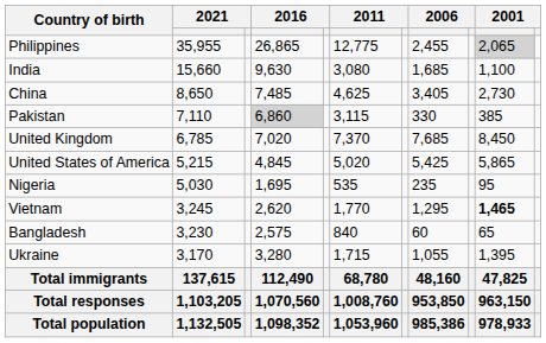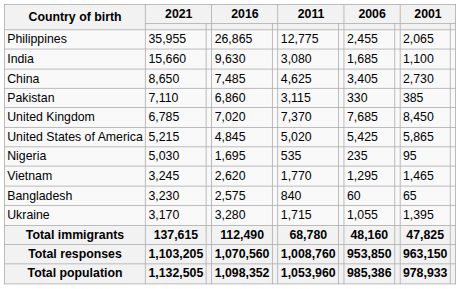 <table class="wikitable sortable">
 <tr>
 <th rowspan="2">Country of birth</th>
 <th colspan="2">2021</th>
 <th colspan="2">2016</th>
 <th colspan="2">2011</th>
 <th colspan="2">2006</th>
 <th colspan="2">2001</th>
 </tr>
 <tr>
 <th><a href='#'></a></th>
 <th></th>
 <th></th>
 <th></th>
 <th></th>
 <th></th>
 <th></th>
 <th></th>
 <th></th>
 <th></th>
 </tr>
 <tr>
 <td>Philippines</td>
 <td>35,955</td>
 <td></td>
 <td>26,865</td>
 <td></td>
 <td>12,775</td>
 <td></td>
 <td>2,455</td>
 <td></td>
-<td style="background: lightgrey;">2,065</td>
+<td>2,065</td>
 <td></td>
 </tr>
 <tr>
 <td>India</td>
 <td>15,660</td>
 <td></td>
 <td>9,630</td>
 <td></td>
 <td>3,080</td>
 <td></td>
 <td>1,685</td>
 <td></td>
 <td>1,100</td>
 <td></td>
 </tr>
 <tr>
 <td>China</td>
 <td>8,650</td>
 <td></td>
 <td>7,485</td>
 <td></td>
 <td>4,625</td>
 <td></td>
 <td>3,405</td>
 <td></td>
 <td>2,730</td>
 <td></td>
 </tr>
 <tr>
 <td>Pakistan</td>
 <td>7,110</td>
 <td></td>
-<td style="background: lightgrey;">6,860</td>
+<td>6,860</td>
 <td></td>
 <td>3,115</td>
 <td></td>
 <td>330</td>
 <td></td>
 <td>385</td>
 <td></td>
 </tr>
 <tr>
 <td>United Kingdom</td>
 <td>6,785</td>
 <td></td>
 <td>7,020</td>
 <td></td>
 <td>7,370</td>
 <td></td>
 <td>7,685</td>
 <td></td>
 <td>8,450</td>
 <td></td>
 </tr>
 <tr>
 <td>United States of America</td>
 <td>5,215</td>
 <td></td>
 <td>4,845</td>
 <td></td>
 <td>5,020</td>
 <td></td>
 <td>5,425</td>
 <td></td>
 <td>5,865</td>
 <td></td>
 </tr>
 <tr>
 <td>Nigeria</td>
 <td>5,030</td>
 <td></td>
 <td>1,695</td>
 <td></td>
 <td>535</td>
 <td></td>
 <td>235</td>
 <td></td>
 <td>95</td>
 <td></td>
 </tr>
 <tr>
 <td>Vietnam</td>
 <td>3,245</td>
 <td></td>
 <td>2,620</td>
 <td></td>
 <td>1,770</td>
 <td></td>
 <td>1,295</td>
 <td></td>
-<td><strong>1,465</strong></td>
+<td>1,465</td>
 <td></td>
 </tr>
 <tr>
 <td>Bangladesh</td>
 <td>3,230</td>
 <td></td>
 <td>2,575</td>
 <td></td>
 <td>840</td>
 <td></td>
 <td>60</td>
 <td></td>
 <td>65</td>
 <td></td>
 </tr>
 <tr>
 <td>Ukraine</td>
 <td>3,170</td>
 <td></td>
 <td>3,280</td>
 <td></td>
 <td>1,715</td>
 <td></td>
 <td>1,055</td>
 <td></td>
 <td>1,395</td>
 <td></td>
 </tr>
 <tr>
 <th>Total immigrants</th>
 <th>137,615</th>
 <th></th>
 <th>112,490</th>
 <th></th>
 <th>68,780</th>
 <th></th>
 <th>48,160</th>
 <th></th>
 <th>47,825</th>
 <th></th>
 </tr>
 <tr class="sortbottom">
 <th>Total responses</th>
 <th>1,103,205</th>
 <th></th>
 <th>1,070,560</th>
 <th></th>
 <th>1,008,760</th>
 <th></th>
 <th>953,850</th>
 <th></th>
 <th>963,150</th>
 <th></th>
 </tr>
 <tr class="sortbottom">
 <th>Total population</th>
 <th>1,132,505</th>
 <th></th>
 <th>1,098,352</th>
 <th></th>
 <th>1,053,960</th>
 <th></th>
 <th>985,386</th>
 <th></th>
 <th>978,933</th>
 <th></th>
 </tr>
 </table>
